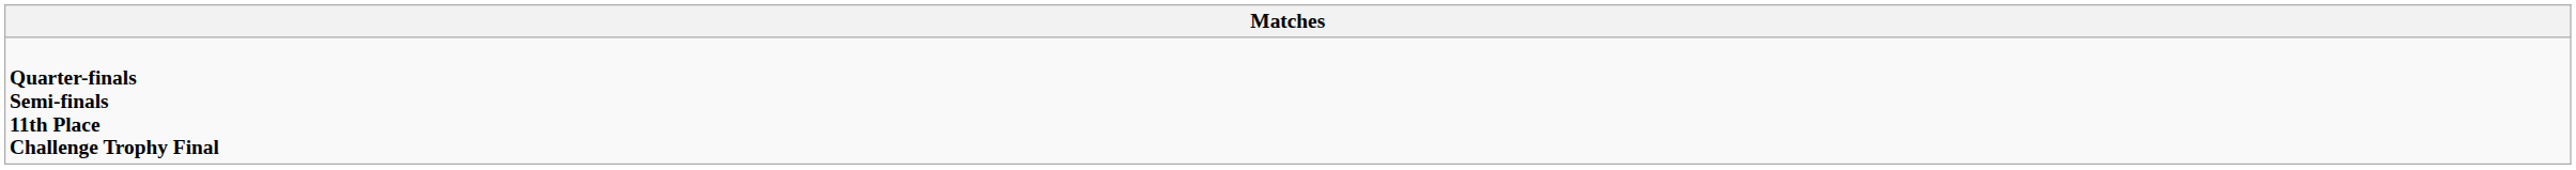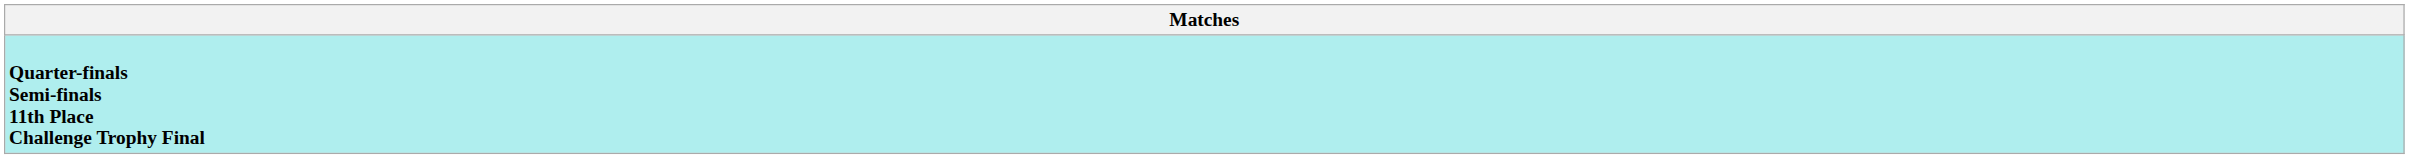 <table class="wikitable collapsible collapsed" style="width:100%;">
 <tr>
 <th>Matches</th>
 </tr>
 <tr>
-<td><br><strong>Quarter-finals</strong>    <br><strong>Semi-finals</strong>  <br><strong>11th Place</strong> <br><strong>Challenge Trophy Final</strong> </td>
+<td style="background: paleturquoise;"><br><strong>Quarter-finals</strong>    <br><strong>Semi-finals</strong>  <br><strong>11th Place</strong> <br><strong>Challenge Trophy Final</strong> </td>
 </tr>
 </table>
